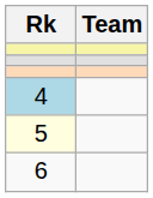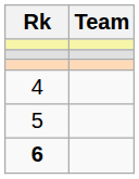 <table class="wikitable" style="text-align:center">
 <tr>
 <th width=40>Rk</th>
 <th>Team</th>
 </tr>
 <tr style="background:#f7f6a8;">
 <td></td>
 <td style="text-align:left"></td>
 </tr>
 <tr style="background:#e0e0e0;">
 <td></td>
 <td style="text-align:left"></td>
 </tr>
 <tr style="background:#ffdab9;">
 <td></td>
 <td style="text-align:left"></td>
 </tr>
 <tr>
-<td style="background: lightblue;">4</td>
+<td>4</td>
 <td style="text-align:left"></td>
 </tr>
 <tr>
-<td style="background: lightyellow;">5</td>
+<td>5</td>
 <td style="text-align:left"></td>
 </tr>
 <tr>
-<td>6</td>
+<td><strong>6</strong></td>
 <td style="text-align:left"></td>
 </tr>
 </table>
